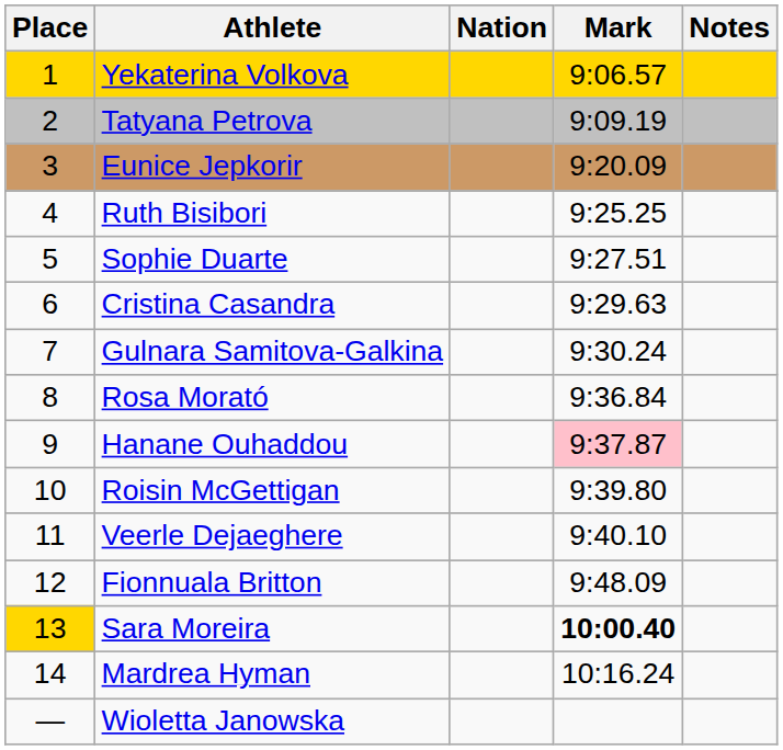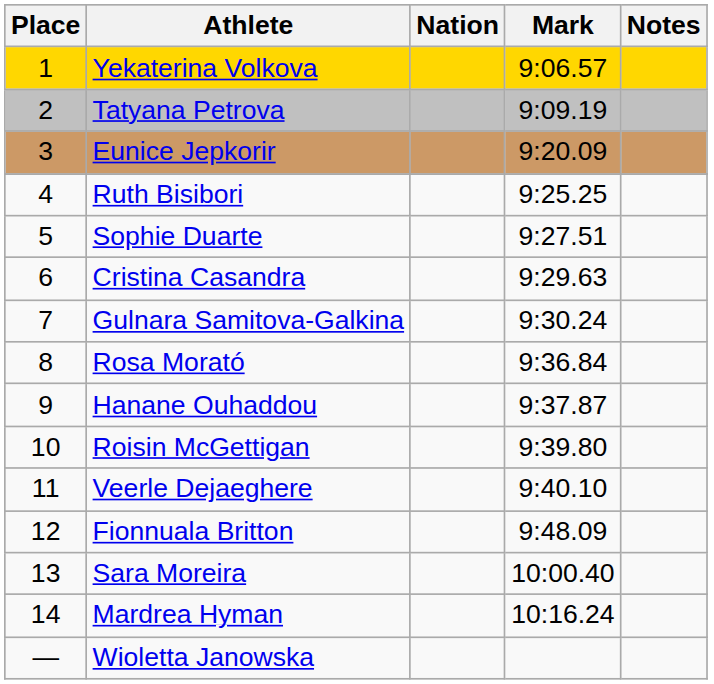 <table class="wikitable" style="text-align:center">
 <tr>
 <th>Place</th>
 <th>Athlete</th>
 <th>Nation</th>
 <th>Mark</th>
 <th>Notes</th>
 </tr>
 <tr bgcolor=gold>
 <td>1</td>
 <td align=left><a href='#'>Yekaterina Volkova</a></td>
 <td align=left></td>
 <td>9:06.57</td>
 <td>  </td>
 </tr>
 <tr bgcolor=silver>
 <td>2</td>
 <td align=left><a href='#'>Tatyana Petrova</a></td>
 <td align=left></td>
 <td>9:09.19</td>
 <td></td>
 </tr>
 <tr bgcolor=cc9966>
 <td>3</td>
 <td align=left><a href='#'>Eunice Jepkorir</a></td>
 <td align=left></td>
 <td>9:20.09</td>
 <td></td>
 </tr>
 <tr>
 </tr>
 <tr>
 <td>4</td>
 <td align=left><a href='#'>Ruth Bisibori</a></td>
 <td align=left></td>
 <td>9:25.25</td>
 <td></td>
 </tr>
 <tr>
 <td>5</td>
 <td align=left><a href='#'>Sophie Duarte</a></td>
 <td align=left></td>
 <td>9:27.51</td>
 <td></td>
 </tr>
 <tr>
 <td>6</td>
 <td align=left><a href='#'>Cristina Casandra</a></td>
 <td align=left></td>
 <td>9:29.63</td>
 <td></td>
 </tr>
 <tr>
 <td>7</td>
 <td align=left><a href='#'>Gulnara Samitova-Galkina</a></td>
 <td align=left></td>
 <td>9:30.24</td>
 <td></td>
 </tr>
 <tr>
 <td>8</td>
 <td align=left><a href='#'>Rosa Morató</a></td>
 <td align=left></td>
 <td>9:36.84</td>
 <td></td>
 </tr>
 <tr>
 <td>9</td>
 <td align=left><a href='#'>Hanane Ouhaddou</a></td>
 <td align=left></td>
-<td style="background: pink;">9:37.87</td>
+<td>9:37.87</td>
 <td></td>
 </tr>
 <tr>
 <td>10</td>
 <td align=left><a href='#'>Roisin McGettigan</a></td>
 <td align=left></td>
 <td>9:39.80</td>
 <td></td>
 </tr>
 <tr>
 <td>11</td>
 <td align=left><a href='#'>Veerle Dejaeghere</a></td>
 <td align=left></td>
 <td>9:40.10</td>
 <td></td>
 </tr>
 <tr>
 <td>12</td>
 <td align=left><a href='#'>Fionnuala Britton</a></td>
 <td align=left></td>
 <td>9:48.09</td>
 <td></td>
 </tr>
 <tr>
-<td style="background: gold;">13</td>
+<td>13</td>
 <td align=left><a href='#'>Sara Moreira</a></td>
 <td align=left></td>
-<td><strong>10:00.40</strong></td>
+<td>10:00.40</td>
 <td></td>
 </tr>
 <tr>
 <td>14</td>
 <td align=left><a href='#'>Mardrea Hyman</a></td>
 <td align=left></td>
 <td>10:16.24</td>
 <td></td>
 </tr>
 <tr>
 <td>—</td>
 <td align=left><a href='#'>Wioletta Janowska</a></td>
 <td align=left></td>
 <td></td>
 <td></td>
 </tr>
 </table>
